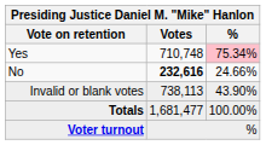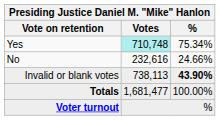 <table class="wikitable" style="font-size: 95%;">
 <tr style="background-color:#E9E9E9">
 <th colspan=7>Presiding Justice Daniel M. "Mike" Hanlon</th>
 </tr>
 <tr style="background-color:#E9E9E9">
 <th style="width: 170px">Vote on retention</th>
 <th style="width: 50px">Votes</th>
 <th style="width: 40px">%</th>
 </tr>
 <tr>
 <td>Yes</td>
-<td align="right">710,748</td>
-<td align="right" style="background: pink;">75.34%</td>
+<td align="right" style="background: paleturquoise;">710,748</td>
+<td align="right">75.34%</td>
 </tr>
 <tr>
 <td>No</td>
-<td align="right"><strong>232,616</strong></td>
+<td align="right">232,616</td>
 <td align="right">24.66%</td>
 </tr>
 <tr style="background-color:#EEEEEE">
 <td align="right">Invalid or blank votes</td>
 <td align="right">738,113</td>
-<td align="right">43.90%</td>
+<td align="right"><strong>43.90%</strong></td>
 </tr>
 <tr style="background-color:#EEEEEE">
 <td colspan="1" align="right"><strong>Totals</strong></td>
 <td align="right">1,681,477</td>
 <td align="right">100.00%</td>
 </tr>
 <tr style="background-color:#EEEEEE">
 <td align="right"><strong><a href='#'>Voter turnout</a></strong></td>
 <td colspan="2" align="right">%</td>
 </tr>
 </table>
